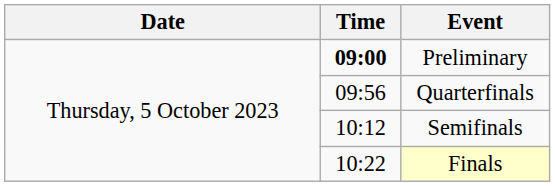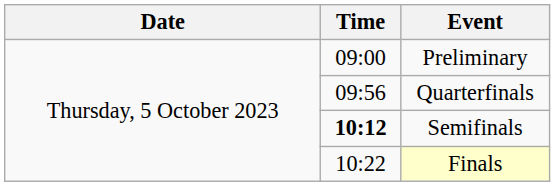 <table class = "wikitable" style="text-align:center;">
 <tr>
 <th width=220>Date</th>
 <th width=50>Time</th>
 <th width=100>Event</th>
 </tr>
 <tr>
 <td rowspan=4>Thursday, 5 October 2023</td>
-<td><strong>09:00</strong></td>
+<td>09:00</td>
 <td>Preliminary</td>
 </tr>
 <tr>
 <td>09:56</td>
 <td>Quarterfinals</td>
 </tr>
 <tr>
-<td>10:12</td>
+<td><strong>10:12</strong></td>
 <td>Semifinals</td>
 </tr>
 <tr>
 <td>10:22</td>
 <td bgcolor=ffffcc>Finals</td>
 </tr>
 </table>
